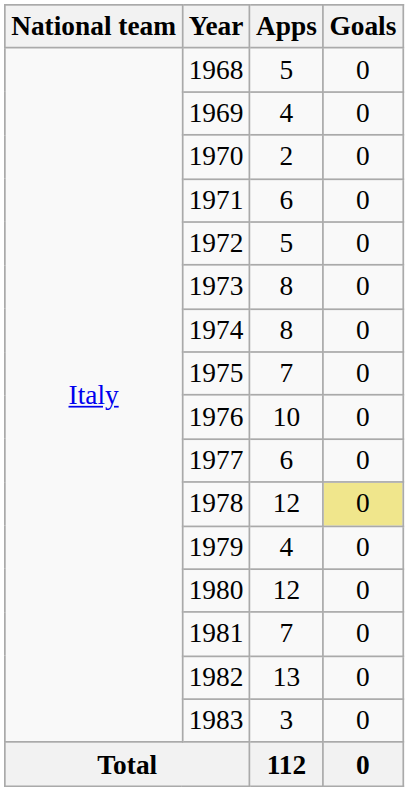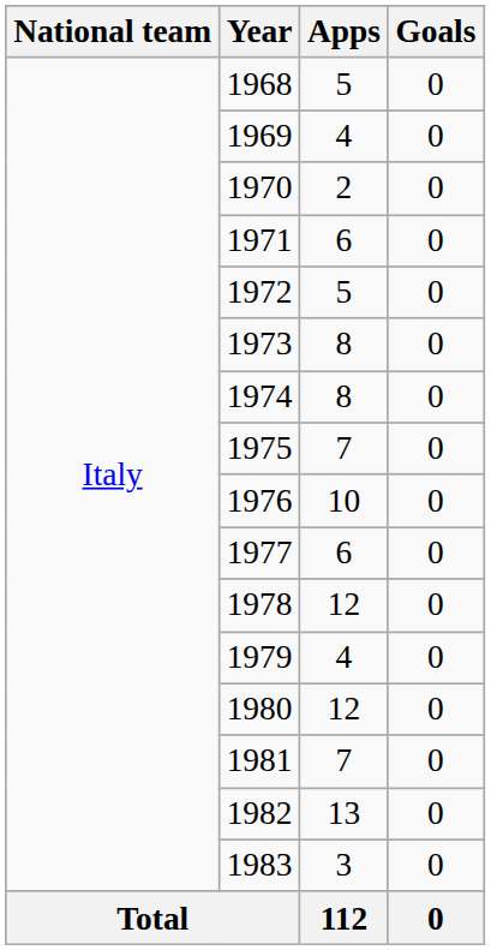 <table class="wikitable" style="text-align:center">
 <tr>
 <th>National team</th>
 <th>Year</th>
 <th>Apps</th>
 <th>Goals</th>
 </tr>
 <tr>
 <td rowspan="16"><a href='#'>Italy</a></td>
 <td>1968</td>
 <td>5</td>
 <td>0</td>
 </tr>
 <tr>
 <td>1969</td>
 <td>4</td>
 <td>0</td>
 </tr>
 <tr>
 <td>1970</td>
 <td>2</td>
 <td>0</td>
 </tr>
 <tr>
 <td>1971</td>
 <td>6</td>
 <td>0</td>
 </tr>
 <tr>
 <td>1972</td>
 <td>5</td>
 <td>0</td>
 </tr>
 <tr>
 <td>1973</td>
 <td>8</td>
 <td>0</td>
 </tr>
 <tr>
 <td>1974</td>
 <td>8</td>
 <td>0</td>
 </tr>
 <tr>
 <td>1975</td>
 <td>7</td>
 <td>0</td>
 </tr>
 <tr>
 <td>1976</td>
 <td>10</td>
 <td>0</td>
 </tr>
 <tr>
 <td>1977</td>
 <td>6</td>
 <td>0</td>
 </tr>
 <tr>
 <td>1978</td>
 <td>12</td>
-<td style="background: khaki;">0</td>
+<td>0</td>
 </tr>
 <tr>
 <td>1979</td>
 <td>4</td>
 <td>0</td>
 </tr>
 <tr>
 <td>1980</td>
 <td>12</td>
 <td>0</td>
 </tr>
 <tr>
 <td>1981</td>
 <td>7</td>
 <td>0</td>
 </tr>
 <tr>
 <td>1982</td>
 <td>13</td>
 <td>0</td>
 </tr>
 <tr>
 <td>1983</td>
 <td>3</td>
 <td>0</td>
 </tr>
 <tr>
 <th colspan="2">Total</th>
 <th>112</th>
 <th>0</th>
 </tr>
 </table>
